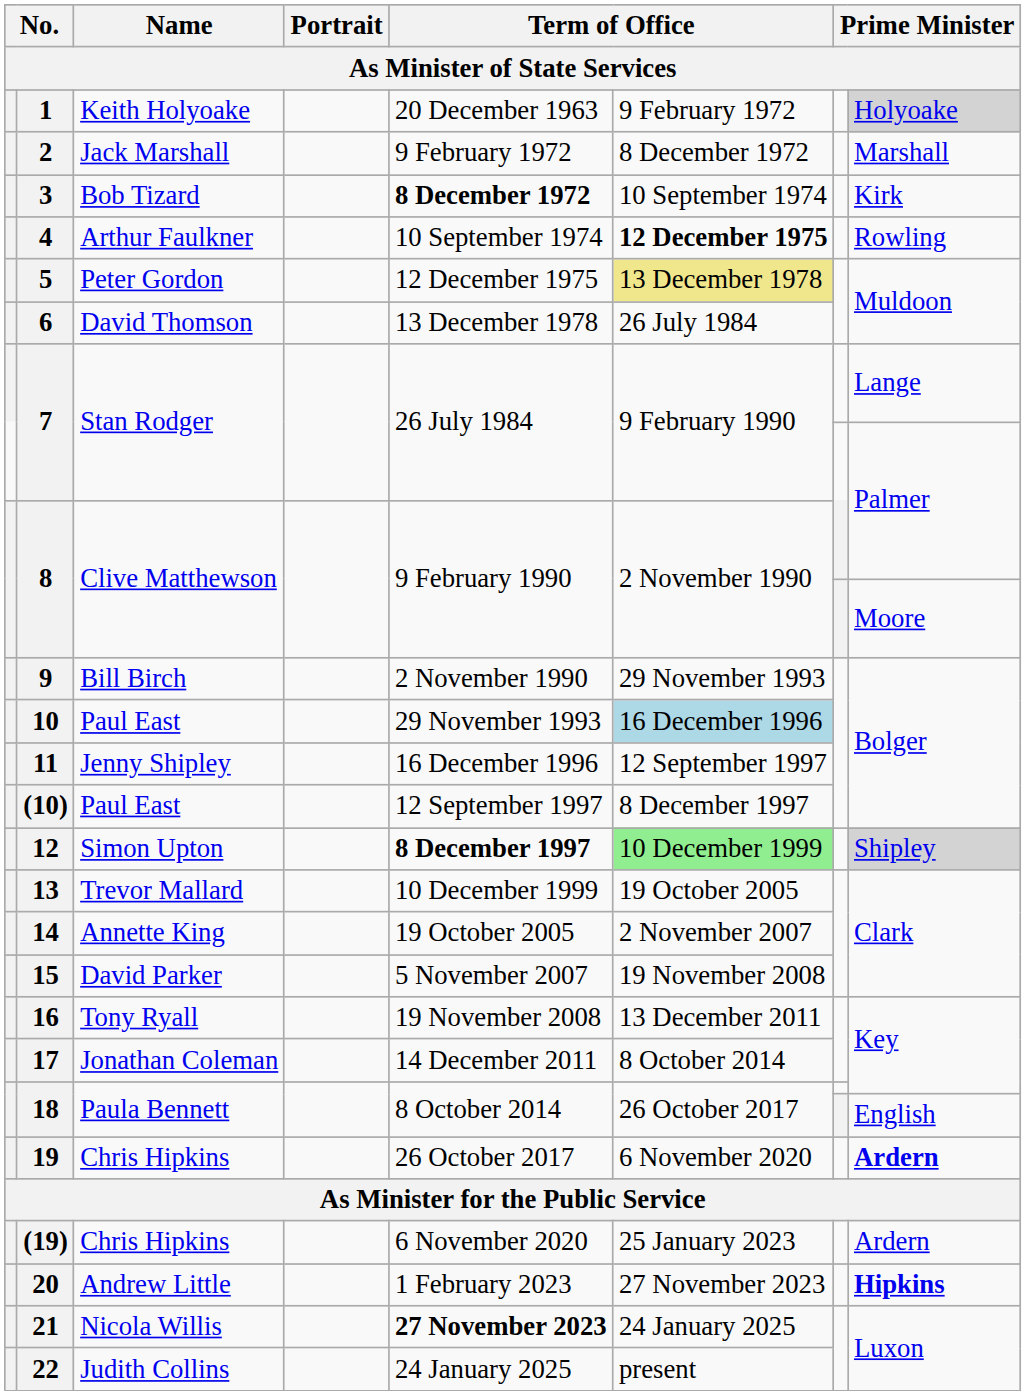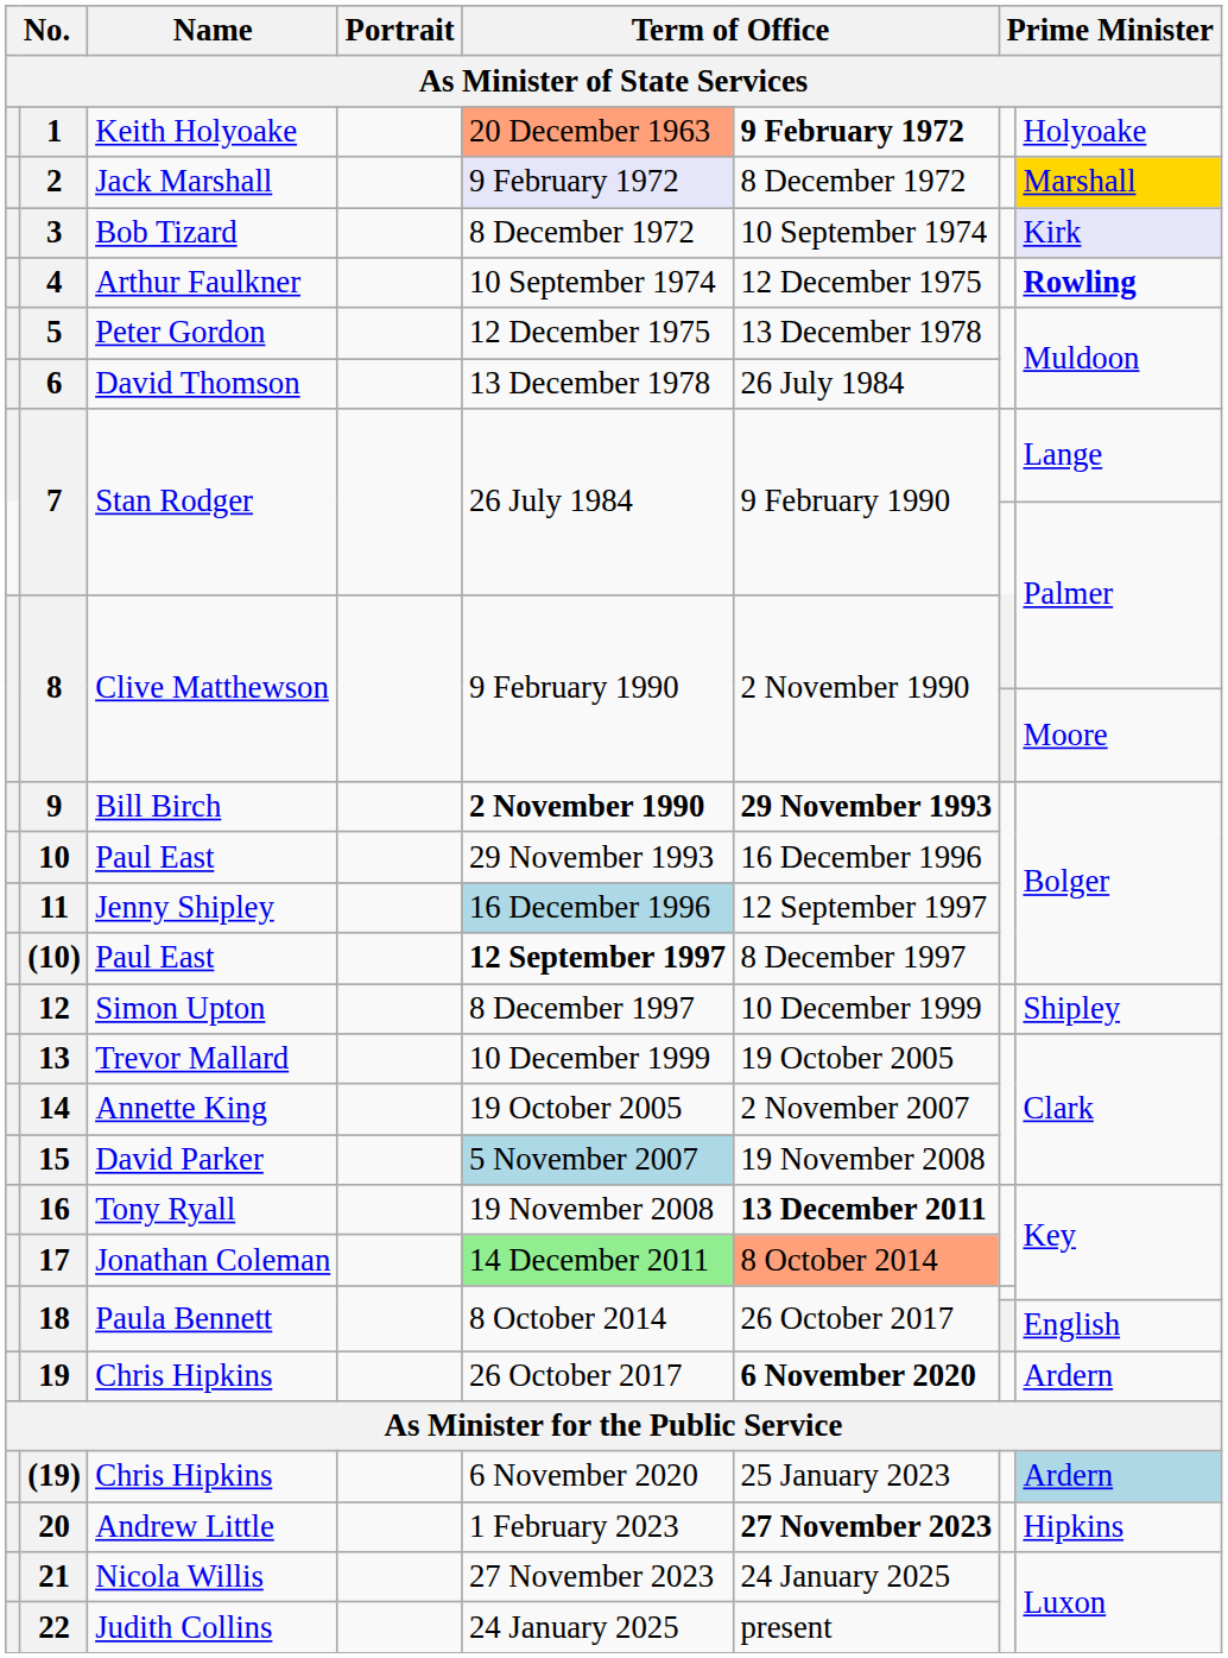 <table class="wikitable">
 <tr>
 <th colspan=2>No.</th>
 <th>Name</th>
 <th>Portrait</th>
 <th colspan=2>Term of Office</th>
 <th colspan=2>Prime Minister</th>
 </tr>
 <tr>
 <th colspan=8>As Minister of State Services</th>
 </tr>
 <tr>
 <th style="background:"></th>
 <th>1</th>
 <td><a href='#'>Keith Holyoake</a></td>
 <td></td>
-<td>20 December 1963</td>
-<td>9 February 1972</td>
+<td style="background: lightsalmon;">20 December 1963</td>
+<td><strong>9 February 1972</strong></td>
 <td width=1 style="background:"></td>
-<td style="background: lightgrey;"><a href='#'>Holyoake</a></td>
+<td><a href='#'>Holyoake</a></td>
 </tr>
 <tr>
 <th style="background:"></th>
 <th>2</th>
 <td><a href='#'>Jack Marshall</a></td>
 <td></td>
-<td>9 February 1972</td>
+<td style="background: lavender;">9 February 1972</td>
 <td>8 December 1972</td>
 <td style="background:"></td>
-<td><a href='#'>Marshall</a></td>
+<td style="background: gold;"><a href='#'>Marshall</a></td>
 </tr>
 <tr>
 <th style="background:"></th>
 <th>3</th>
 <td><a href='#'>Bob Tizard</a></td>
 <td></td>
-<td><strong>8 December 1972</strong></td>
+<td>8 December 1972</td>
 <td>10 September 1974</td>
 <td style="background:"></td>
-<td><a href='#'>Kirk</a></td>
+<td style="background: lavender;"><a href='#'>Kirk</a></td>
 </tr>
 <tr>
 <th style="background:"></th>
 <th>4</th>
 <td><a href='#'>Arthur Faulkner</a></td>
 <td></td>
 <td>10 September 1974</td>
-<td><strong>12 December 1975</strong></td>
+<td>12 December 1975</td>
 <td style="background:"></td>
-<td><a href='#'>Rowling</a></td>
+<td><strong><a href='#'>Rowling</a></strong></td>
 </tr>
 <tr>
 <th style="background:"></th>
 <th>5</th>
 <td><a href='#'>Peter Gordon</a></td>
 <td></td>
 <td>12 December 1975</td>
-<td style="background: khaki;">13 December 1978</td>
+<td>13 December 1978</td>
 <td rowspan=2 style="background:"></td>
 <td rowspan=2><a href='#'>Muldoon</a></td>
 </tr>
 <tr>
 <th style="background:"></th>
 <th>6</th>
 <td><a href='#'>David Thomson</a></td>
 <td></td>
 <td>13 December 1978</td>
 <td>26 July 1984</td>
 </tr>
 <tr>
 <th height=40 style="border-bottom:solid 0 grey; background:"></th>
 <th rowspan=2>7</th>
 <td rowspan=2><a href='#'>Stan Rodger</a></td>
 <td rowspan=2></td>
 <td rowspan=2>26 July 1984</td>
 <td rowspan=2>9 February 1990</td>
 <td style="background:"></td>
 <td><a href='#'>Lange</a></td>
 </tr>
 <tr>
 <td height=40 style="border-top:solid 0 grey; background:"></td>
 <td style="border-bottom:solid 0 grey; background:"></td>
 <td rowspan=2><a href='#'>Palmer</a></td>
 </tr>
 <tr>
 <th rowspan=2 style="background:"></th>
 <th rowspan=2>8</th>
 <td rowspan=2><a href='#'>Clive Matthewson</a></td>
 <td rowspan=2></td>
 <td rowspan=2>9 February 1990</td>
 <td rowspan=2>2 November 1990</td>
 <th height=40 style="border-top:solid 0 grey; background:"></th>
 </tr>
 <tr>
 <th height=40 style="background:"></th>
 <td><a href='#'>Moore</a></td>
 </tr>
 <tr>
 <th style="background:"></th>
 <th>9</th>
 <td><a href='#'>Bill Birch</a></td>
 <td></td>
-<td>2 November 1990</td>
-<td>29 November 1993</td>
+<td><strong>2 November 1990</strong></td>
+<td><strong>29 November 1993</strong></td>
 <td rowspan=4 style="background:"></td>
 <td rowspan=4><a href='#'>Bolger</a></td>
 </tr>
 <tr>
 <th style="background:"></th>
 <th>10</th>
 <td><a href='#'>Paul East</a></td>
 <td></td>
 <td>29 November 1993</td>
-<td style="background: lightblue;">16 December 1996</td>
+<td>16 December 1996</td>
 </tr>
 <tr>
 <th style="background:"></th>
 <th>11</th>
 <td><a href='#'>Jenny Shipley</a></td>
 <td></td>
-<td>16 December 1996</td>
+<td style="background: lightblue;">16 December 1996</td>
 <td>12 September 1997</td>
 </tr>
 <tr>
 <th style="background:"></th>
 <th>(10)</th>
 <td><a href='#'>Paul East</a></td>
 <td></td>
-<td>12 September 1997</td>
+<td><strong>12 September 1997</strong></td>
 <td>8 December 1997</td>
 </tr>
 <tr>
 <th style="background:"></th>
 <th>12</th>
 <td><a href='#'>Simon Upton</a></td>
 <td></td>
-<td><strong>8 December 1997</strong></td>
-<td style="background: lightgreen;">10 December 1999</td>
+<td>8 December 1997</td>
+<td>10 December 1999</td>
 <td style="background:"></td>
-<td style="background: lightgrey;"><a href='#'>Shipley</a></td>
+<td><a href='#'>Shipley</a></td>
 </tr>
 <tr>
 <th style="background:"></th>
 <th>13</th>
 <td><a href='#'>Trevor Mallard</a></td>
 <td></td>
 <td>10 December 1999</td>
 <td>19 October 2005</td>
 <td rowspan=3 style="background:"></td>
 <td rowspan=3><a href='#'>Clark</a></td>
 </tr>
 <tr>
 <th style="background:"></th>
 <th>14</th>
 <td><a href='#'>Annette King</a></td>
 <td></td>
 <td>19 October 2005</td>
 <td>2 November 2007</td>
 </tr>
 <tr>
 <th style="background:"></th>
 <th>15</th>
 <td><a href='#'>David Parker</a></td>
 <td></td>
-<td>5 November 2007</td>
+<td style="background: lightblue;">5 November 2007</td>
 <td>19 November 2008</td>
 </tr>
 <tr>
 <th style="background:"></th>
 <th>16</th>
 <td><a href='#'>Tony Ryall</a></td>
 <td></td>
 <td>19 November 2008</td>
-<td>13 December 2011</td>
+<td><strong>13 December 2011</strong></td>
 <td rowspan=2 style="background:"></td>
 <td rowspan=2 style='border-style: solid solid none solid;'><a href='#'>Key</a></td>
 </tr>
 <tr>
 <th style="background:"></th>
 <th>17</th>
 <td><a href='#'>Jonathan Coleman</a></td>
 <td></td>
-<td>14 December 2011</td>
-<td>8 October 2014</td>
+<td style="background: lightgreen;">14 December 2011</td>
+<td style="background: lightsalmon;">8 October 2014</td>
 </tr>
 <tr>
 <th rowspan=2 style="background:"></th>
 <th rowspan=2>18</th>
 <td rowspan=2><a href='#'>Paula Bennett</a></td>
 <td rowspan=2></td>
 <td rowspan=2>8 October 2014</td>
 <td rowspan=2>26 October 2017</td>
 <td style="background:"></td>
 <td style='border-style: none solid solid solid;'></td>
 </tr>
 <tr>
 <th style="border-top:solid 0 gray; background:"></th>
 <td><a href='#'>English</a></td>
 </tr>
 <tr>
 <th style="background:"></th>
 <th>19</th>
 <td><a href='#'>Chris Hipkins</a></td>
 <td></td>
 <td>26 October 2017</td>
-<td>6 November 2020</td>
+<td><strong>6 November 2020</strong></td>
 <td style="background:"></td>
-<td><strong><a href='#'>Ardern</a></strong></td>
+<td><a href='#'>Ardern</a></td>
 </tr>
 <tr>
 <th colspan=8>As Minister for the Public Service</th>
 </tr>
 <tr>
 <th style="background:"></th>
 <th>(19)</th>
 <td><a href='#'>Chris Hipkins</a></td>
 <td></td>
 <td>6 November 2020</td>
 <td>25 January 2023</td>
 <td style="background:"></td>
-<td><a href='#'>Ardern</a></td>
+<td style="background: lightblue;"><a href='#'>Ardern</a></td>
 </tr>
 <tr>
 <th style="background:"></th>
 <th>20</th>
 <td><a href='#'>Andrew Little</a></td>
 <td></td>
 <td>1 February 2023</td>
-<td>27 November 2023</td>
+<td><strong>27 November 2023</strong></td>
 <td style="background:"></td>
-<td><strong><a href='#'>Hipkins</a></strong></td>
+<td><a href='#'>Hipkins</a></td>
 </tr>
 <tr>
 <th style="background:"></th>
 <th>21</th>
 <td><a href='#'>Nicola Willis</a></td>
 <td></td>
-<td><strong>27 November 2023</strong></td>
+<td>27 November 2023</td>
 <td>24 January 2025</td>
 <td rowspan="2" style="background:"></td>
 <td rowspan="2"><a href='#'>Luxon</a></td>
 </tr>
 <tr>
 <th style="background:"></th>
 <th>22</th>
 <td><a href='#'>Judith Collins</a></td>
 <td></td>
 <td>24 January 2025</td>
 <td>present</td>
 </tr>
 <tr>
 </tr>
 </table>
